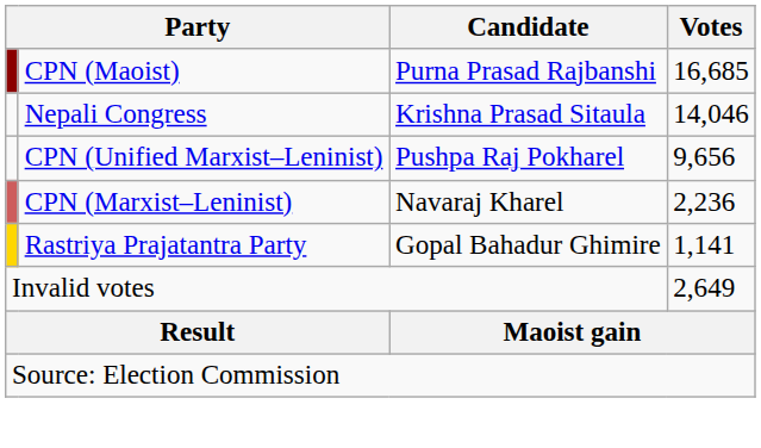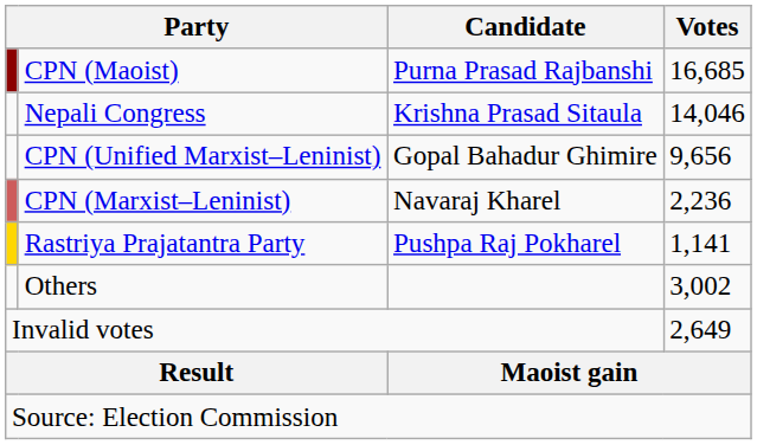 <table class="wikitable">
 <tr>
 <th colspan="2">Party</th>
 <th>Candidate</th>
 <th>Votes</th>
 </tr>
 <tr>
 <td style="background-color:darkred"></td>
 <td><a href='#'>CPN (Maoist)</a></td>
 <td><a href='#'>Purna Prasad Rajbanshi</a></td>
 <td>16,685</td>
 </tr>
 <tr>
 <td style="background-color:"></td>
 <td><a href='#'>Nepali Congress</a></td>
 <td><a href='#'>Krishna Prasad Sitaula</a></td>
 <td>14,046</td>
 </tr>
 <tr>
 <td style="background-color:"></td>
 <td><a href='#'>CPN (Unified Marxist–Leninist)</a></td>
-<td><a href='#'>Pushpa Raj Pokharel</a></td>
+<td>Gopal Bahadur Ghimire</td>
 <td>9,656</td>
 </tr>
 <tr>
 <td style="background-color:indianred"></td>
 <td><a href='#'>CPN (Marxist–Leninist)</a></td>
 <td>Navaraj Kharel</td>
 <td>2,236</td>
 </tr>
 <tr>
 <td style="background-color:gold"></td>
 <td><a href='#'>Rastriya Prajatantra Party</a></td>
-<td>Gopal Bahadur Ghimire</td>
+<td><a href='#'>Pushpa Raj Pokharel</a></td>
 <td>1,141</td>
+</tr>
+<tr>
+<td></td>
+<td>Others</td>
+<td></td>
+<td>3,002</td>
 </tr>
 <tr>
 <td colspan="3">Invalid votes</td>
 <td>2,649</td>
 </tr>
 <tr>
 <th colspan="2">Result</th>
 <th colspan="2">Maoist gain</th>
 </tr>
 <tr>
 <td colspan="4">Source: Election Commission</td>
 </tr>
 </table>
